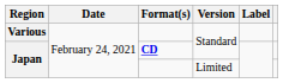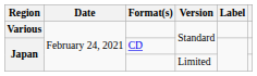 <table class="wikitable plainrowheaders">
 <tr>
 <th scope="col">Region</th>
 <th scope="col">Date</th>
 <th scope="col">Format(s)</th>
 <th scope="col">Version</th>
 <th scope="col">Label</th>
 <th scope="col"></th>
 </tr>
 <tr>
 <th scope="row">Various</th>
 <td rowspan="3">February 24, 2021</td>
 <td></td>
 <td rowspan="2">Standard</td>
 <td></td>
 <td align="center"></td>
 </tr>
 <tr>
 <th rowspan="2" scope="row">Japan</th>
-<td><strong><a href='#'>CD</a></strong></td>
+<td><a href='#'>CD</a></td>
 <td rowspan="2"></td>
 <td align="center"></td>
 </tr>
 <tr>
 <td></td>
 <td>Limited</td>
 <td align="center"></td>
 </tr>
 </table>
